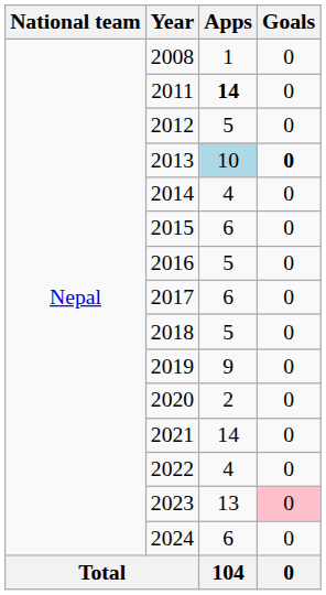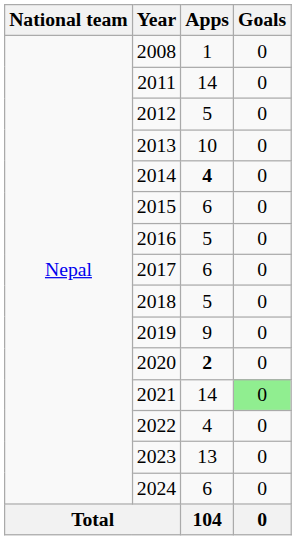 <table class="wikitable" style="text-align:center">
 <tr>
 <th>National team</th>
 <th>Year</th>
 <th>Apps</th>
 <th>Goals</th>
 </tr>
 <tr>
 <td rowspan="15"><a href='#'>Nepal</a></td>
 <td>2008</td>
 <td>1</td>
 <td>0</td>
 </tr>
 <tr>
 <td>2011</td>
-<td><strong>14</strong></td>
+<td>14</td>
 <td>0</td>
 </tr>
 <tr>
 <td>2012</td>
 <td>5</td>
 <td>0</td>
 </tr>
 <tr>
 <td>2013</td>
-<td style="background: lightblue;">10</td>
-<td><strong>0</strong></td>
+<td>10</td>
+<td>0</td>
 </tr>
 <tr>
 <td>2014</td>
-<td>4</td>
+<td><strong>4</strong></td>
 <td>0</td>
 </tr>
 <tr>
 <td>2015</td>
 <td>6</td>
 <td>0</td>
 </tr>
 <tr>
 <td>2016</td>
 <td>5</td>
 <td>0</td>
 </tr>
 <tr>
 <td>2017</td>
 <td>6</td>
 <td>0</td>
 </tr>
 <tr>
 <td>2018</td>
 <td>5</td>
 <td>0</td>
 </tr>
 <tr>
 <td>2019</td>
 <td>9</td>
 <td>0</td>
 </tr>
 <tr>
 <td>2020</td>
-<td>2</td>
+<td><strong>2</strong></td>
 <td>0</td>
 </tr>
 <tr>
 <td>2021</td>
 <td>14</td>
-<td>0</td>
+<td style="background: lightgreen;">0</td>
 </tr>
 <tr>
 <td>2022</td>
 <td>4</td>
 <td>0</td>
 </tr>
 <tr>
 <td>2023</td>
 <td>13</td>
-<td style="background: pink;">0</td>
+<td>0</td>
 </tr>
 <tr>
 <td>2024</td>
 <td>6</td>
 <td>0</td>
 </tr>
 <tr>
 <th colspan="2">Total</th>
 <th>104</th>
 <th>0</th>
 </tr>
 </table>
